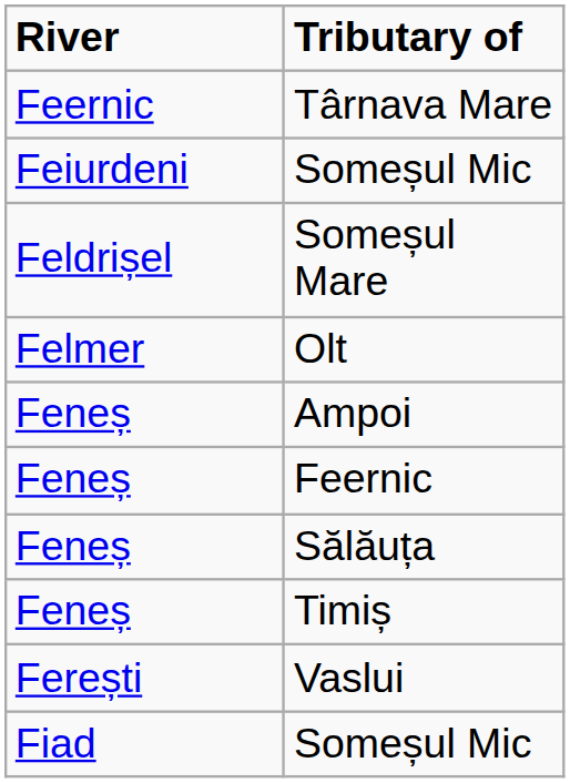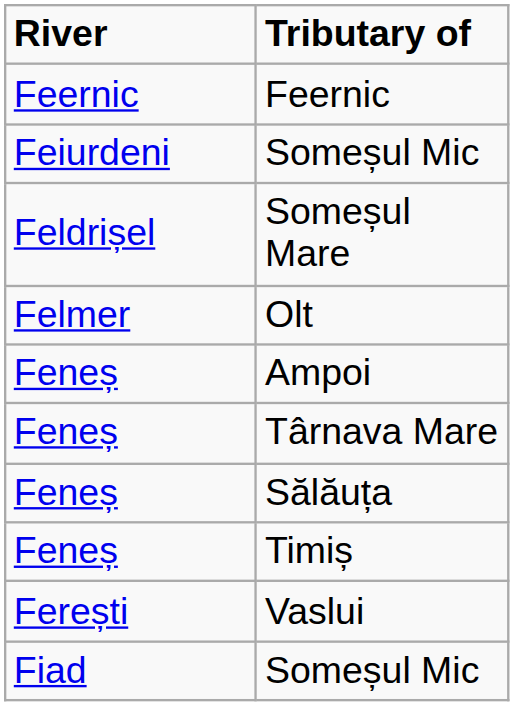 <table class="wikitable">
 <tr>
 <td width="100pt"><strong>River</strong></td>
 <td width="100pt"><strong>Tributary of</strong></td>
 </tr>
 <tr>
 <td><a href='#'>Feernic</a></td>
-<td>Târnava Mare</td>
+<td>Feernic</td>
 </tr>
 <tr>
 <td><a href='#'>Feiurdeni</a></td>
 <td>Someșul Mic</td>
 </tr>
 <tr>
 <td><a href='#'>Feldrișel</a></td>
 <td>Someșul Mare</td>
 </tr>
 <tr>
 <td><a href='#'>Felmer</a></td>
 <td>Olt</td>
 </tr>
 <tr>
 <td><a href='#'>Feneș</a></td>
 <td>Ampoi</td>
 </tr>
 <tr>
 <td><a href='#'>Feneș</a></td>
-<td>Feernic</td>
+<td>Târnava Mare</td>
 </tr>
 <tr>
 <td><a href='#'>Feneș</a></td>
 <td>Sălăuța</td>
 </tr>
 <tr>
 <td><a href='#'>Feneș</a></td>
 <td>Timiș</td>
 </tr>
 <tr>
 <td><a href='#'>Ferești</a></td>
 <td>Vaslui</td>
 </tr>
 <tr>
 <td><a href='#'>Fiad</a></td>
 <td>Someșul Mic</td>
 </tr>
 </table>
